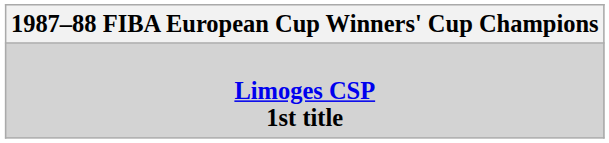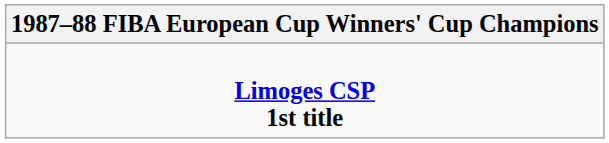 <table class=wikitable style="text-align:center; margin:auto">
 <tr>
 <th>1987–88 FIBA European Cup Winners' Cup Champions</th>
 </tr>
 <tr>
-<td style="background: lightgrey;"><br> <strong><a href='#'>Limoges CSP</a></strong> <br> <strong>1st title</strong></td>
+<td><br> <strong><a href='#'>Limoges CSP</a></strong> <br> <strong>1st title</strong></td>
 </tr>
 </table>
